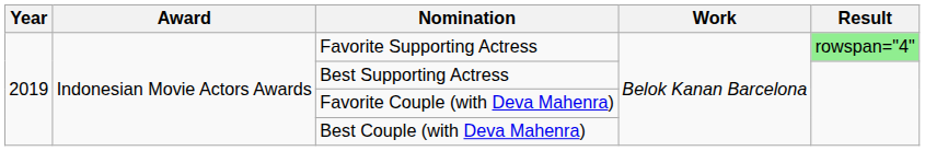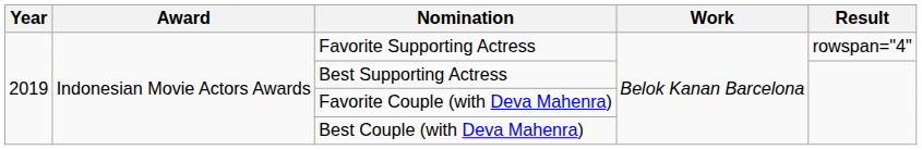 <table class="wikitable sortable">
 <tr>
 <th>Year</th>
 <th>Award</th>
 <th>Nomination</th>
 <th>Work</th>
 <th>Result</th>
 </tr>
 <tr>
 <td rowspan="4">2019</td>
 <td rowspan="4">Indonesian Movie Actors Awards</td>
 <td>Favorite Supporting Actress</td>
 <td rowspan="4"><em>Belok Kanan Barcelona</em></td>
-<td style="background: lightgreen;">rowspan="4" </td>
+<td>rowspan="4" </td>
 </tr>
 <tr>
 <td>Best Supporting Actress</td>
 </tr>
 <tr>
 <td>Favorite Couple (with <a href='#'>Deva Mahenra</a>)</td>
 </tr>
 <tr>
 <td>Best Couple (with <a href='#'>Deva Mahenra</a>)</td>
 </tr>
 </table>
